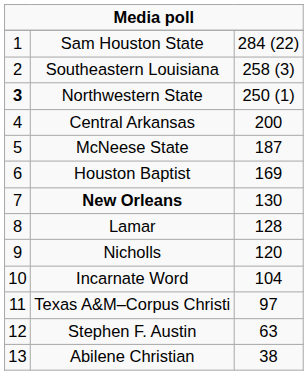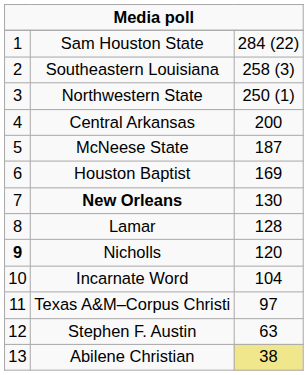 <table class="wikitable">
 <tr align="center">
 <td align="center" Colspan="3"><strong>Media poll</strong></td>
 </tr>
 <tr align="center">
 </tr>
 <tr align="center">
 <td>1</td>
 <td>Sam Houston State</td>
 <td>284 (22)</td>
 </tr>
 <tr align="center">
 <td>2</td>
 <td>Southeastern Louisiana</td>
 <td>258 (3)</td>
 </tr>
 <tr align="center">
-<td><strong>3</strong></td>
+<td>3</td>
 <td>Northwestern State</td>
 <td>250 (1)</td>
 </tr>
 <tr align="center">
 <td>4</td>
 <td>Central Arkansas</td>
 <td>200</td>
 </tr>
 <tr align="center">
 <td>5</td>
 <td>McNeese State</td>
 <td>187</td>
 </tr>
 <tr align="center">
 <td>6</td>
 <td>Houston Baptist</td>
 <td>169</td>
 </tr>
 <tr align="center">
 <td>7</td>
 <td><strong>New Orleans</strong></td>
 <td>130</td>
 </tr>
 <tr align="center">
 <td>8</td>
 <td>Lamar</td>
 <td>128</td>
 </tr>
 <tr align="center">
-<td>9</td>
+<td><strong>9</strong></td>
 <td>Nicholls</td>
 <td>120</td>
 </tr>
 <tr align="center">
 <td>10</td>
 <td>Incarnate Word</td>
 <td>104</td>
 </tr>
 <tr align="center">
 <td>11</td>
 <td>Texas A&M–Corpus Christi</td>
 <td>97</td>
 </tr>
 <tr align="center">
 <td>12</td>
 <td>Stephen F. Austin</td>
 <td>63</td>
 </tr>
 <tr align="center">
 <td>13</td>
 <td>Abilene Christian</td>
-<td>38</td>
+<td style="background: khaki;">38</td>
 </tr>
 </table>
